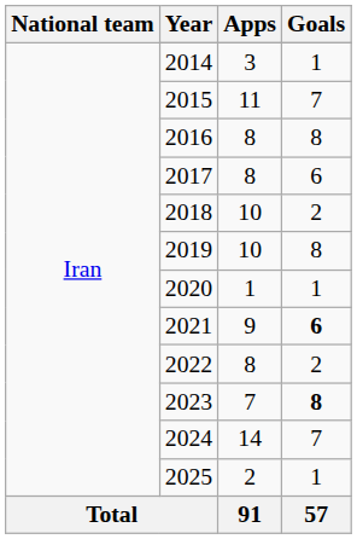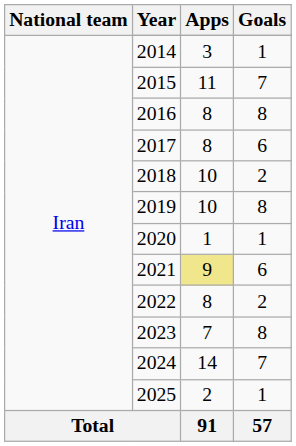 <table class="wikitable" style="text-align:center">
 <tr>
 <th>National team</th>
 <th>Year</th>
 <th>Apps</th>
 <th>Goals</th>
 </tr>
 <tr>
 <td rowspan="13"><a href='#'>Iran</a></td>
 </tr>
 <tr>
 <td>2014</td>
 <td>3</td>
 <td>1</td>
 </tr>
 <tr>
 <td>2015</td>
 <td>11</td>
 <td>7</td>
 </tr>
 <tr>
 <td>2016</td>
 <td>8</td>
 <td>8</td>
 </tr>
 <tr>
 <td>2017</td>
 <td>8</td>
 <td>6</td>
 </tr>
 <tr>
 <td>2018</td>
 <td>10</td>
 <td>2</td>
 </tr>
 <tr>
 <td>2019</td>
 <td>10</td>
 <td>8</td>
 </tr>
 <tr>
 <td>2020</td>
 <td>1</td>
 <td>1</td>
 </tr>
 <tr>
 <td>2021</td>
-<td>9</td>
-<td><strong>6</strong></td>
+<td style="background: khaki;">9</td>
+<td>6</td>
 </tr>
 <tr>
 <td>2022</td>
 <td>8</td>
 <td>2</td>
 </tr>
 <tr>
 <td>2023</td>
 <td>7</td>
-<td><strong>8</strong></td>
+<td>8</td>
 </tr>
 <tr>
 <td>2024</td>
 <td>14</td>
 <td>7</td>
 </tr>
 <tr>
 <td>2025</td>
 <td>2</td>
 <td>1</td>
 </tr>
 <tr>
 <th colspan="2">Total</th>
 <th>91</th>
 <th>57</th>
 </tr>
 </table>
